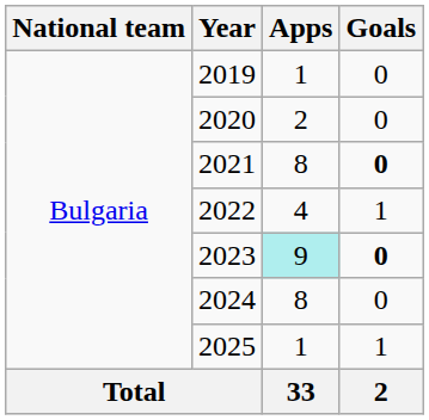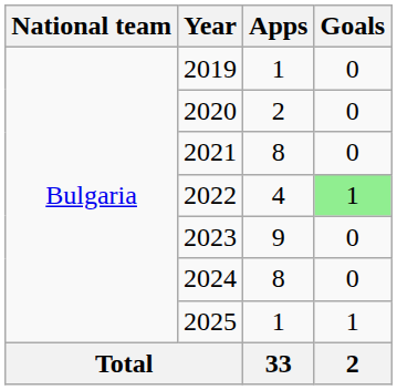 <table class="wikitable" style="text-align:center">
 <tr>
 <th>National team</th>
 <th>Year</th>
 <th>Apps</th>
 <th>Goals</th>
 </tr>
 <tr>
 <td rowspan="7"><a href='#'>Bulgaria</a></td>
 <td>2019</td>
 <td>1</td>
 <td>0</td>
 </tr>
 <tr>
 <td>2020</td>
 <td>2</td>
 <td>0</td>
 </tr>
 <tr>
 <td>2021</td>
 <td>8</td>
-<td><strong>0</strong></td>
+<td>0</td>
 </tr>
 <tr>
 <td>2022</td>
 <td>4</td>
-<td>1</td>
+<td style="background: lightgreen;">1</td>
 </tr>
 <tr>
 <td>2023</td>
-<td style="background: paleturquoise;">9</td>
-<td><strong>0</strong></td>
+<td>9</td>
+<td>0</td>
 </tr>
 <tr>
 <td>2024</td>
 <td>8</td>
 <td>0</td>
 </tr>
 <tr>
 <td>2025</td>
 <td>1</td>
 <td>1</td>
 </tr>
 <tr>
 <th colspan="2">Total</th>
 <th>33</th>
 <th>2</th>
 </tr>
 </table>
